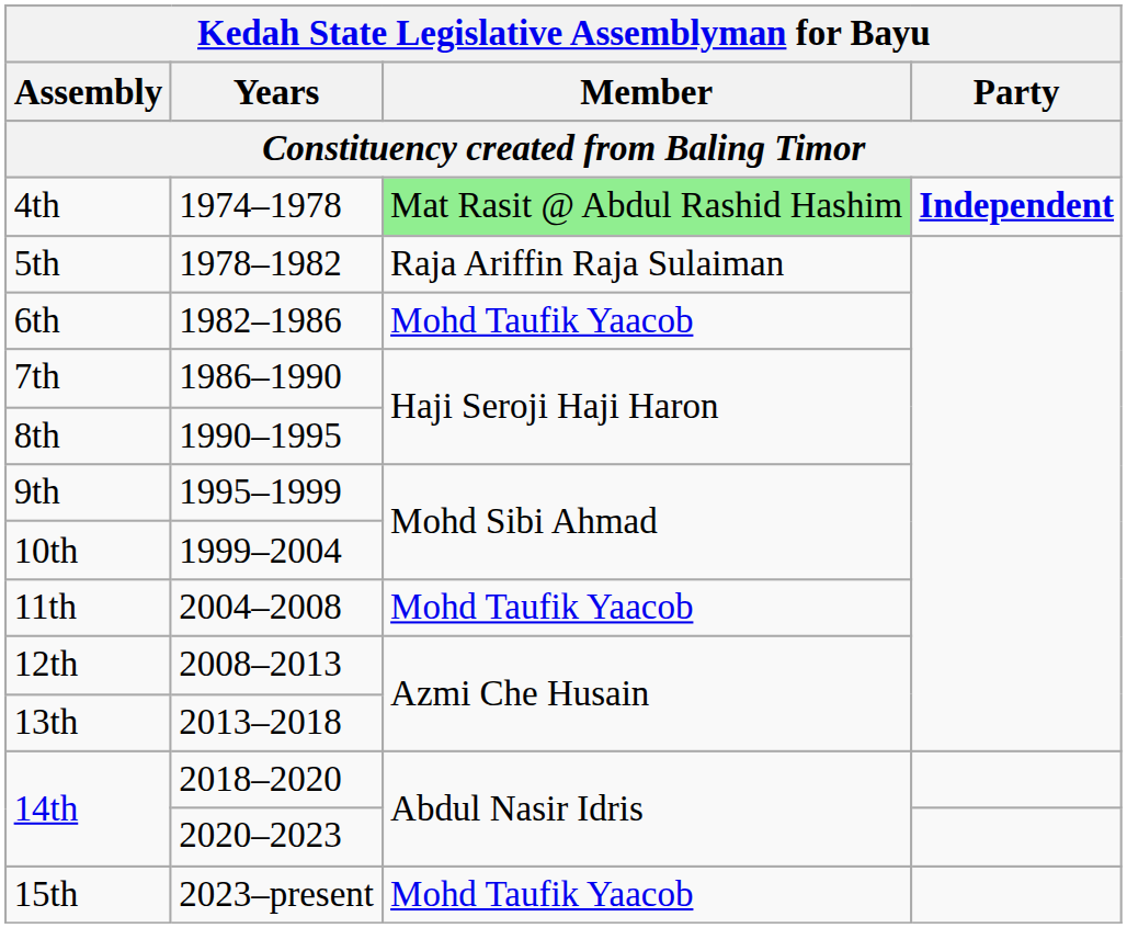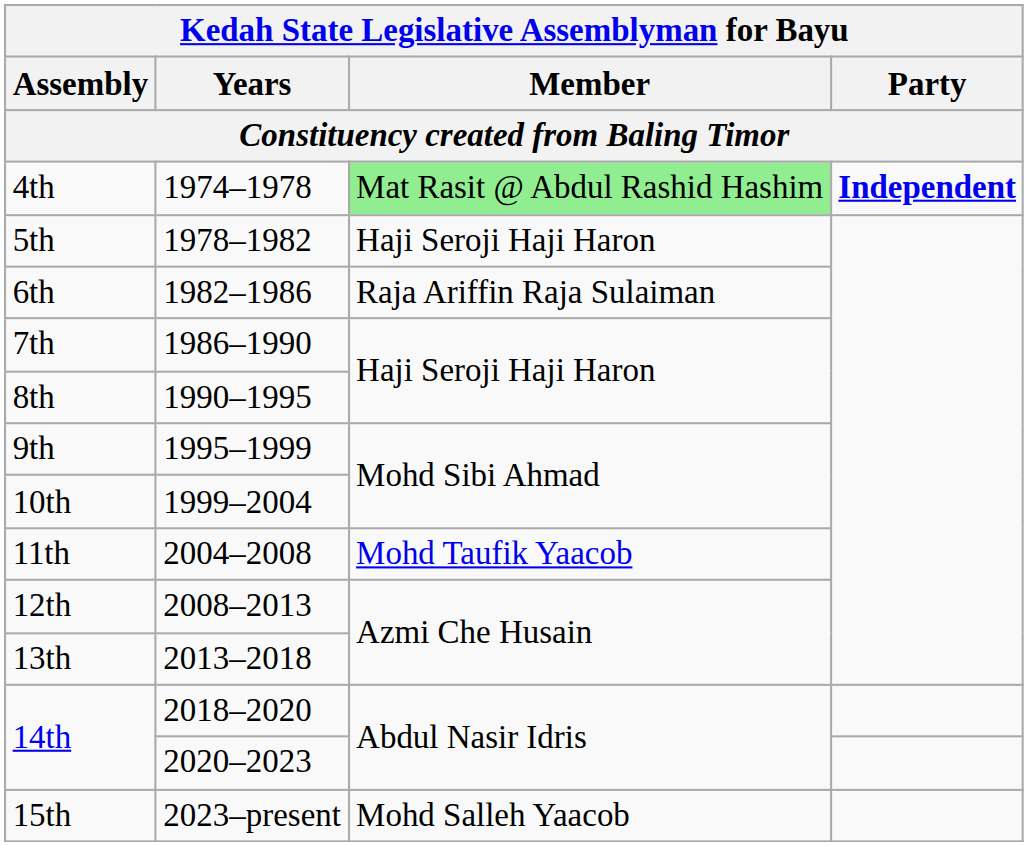 <table class="wikitable">
 <tr>
 <th colspan="4"><a href='#'>Kedah State Legislative Assemblyman</a> for Bayu</th>
 </tr>
 <tr>
 <th>Assembly</th>
 <th>Years</th>
 <th>Member</th>
 <th>Party</th>
 </tr>
 <tr>
 <th colspan="4" align="center"><em>Constituency created from Baling Timor</em></th>
 </tr>
 <tr>
 <td>4th</td>
 <td>1974–1978</td>
 <td style="background: lightgreen;">Mat Rasit @ Abdul Rashid Hashim</td>
 <td><strong><a href='#'>Independent</a></strong></td>
 </tr>
 <tr>
 <td>5th</td>
 <td>1978–1982</td>
-<td>Raja Ariffin Raja Sulaiman</td>
+<td>Haji Seroji Haji Haron</td>
 <td rowspan="9"></td>
 </tr>
 <tr>
 <td>6th</td>
 <td>1982–1986</td>
-<td><a href='#'>Mohd Taufik Yaacob</a></td>
+<td>Raja Ariffin Raja Sulaiman</td>
 </tr>
 <tr>
 <td>7th</td>
 <td>1986–1990</td>
 <td rowspan="2">Haji Seroji Haji Haron</td>
 </tr>
 <tr>
 <td>8th</td>
 <td>1990–1995</td>
 </tr>
 <tr>
 <td>9th</td>
 <td>1995–1999</td>
 <td rowspan="2">Mohd Sibi Ahmad</td>
 </tr>
 <tr>
 <td>10th</td>
 <td>1999–2004</td>
 </tr>
 <tr>
 <td>11th</td>
 <td>2004–2008</td>
 <td><a href='#'>Mohd Taufik Yaacob</a></td>
 </tr>
 <tr>
 <td>12th</td>
 <td>2008–2013</td>
 <td rowspan="2">Azmi Che Husain</td>
 </tr>
 <tr>
 <td>13th</td>
 <td>2013–2018</td>
 </tr>
 <tr>
 <td rowspan="2"><a href='#'>14th</a></td>
 <td>2018–2020</td>
 <td rowspan="2">Abdul Nasir Idris</td>
 <td></td>
 </tr>
 <tr>
 <td>2020–2023</td>
 <td></td>
 </tr>
 <tr>
 <td>15th</td>
 <td>2023–present</td>
-<td><a href='#'>Mohd Taufik Yaacob</a></td>
+<td>Mohd Salleh Yaacob</td>
 <td></td>
 </tr>
 </table>
